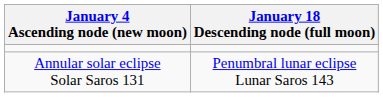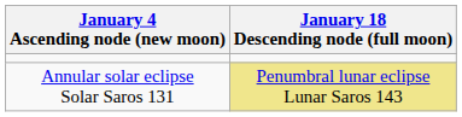 <table class="wikitable">
 <tr>
 <th><a href='#'>January 4</a><br>Ascending node (new moon)<br></th>
 <th><a href='#'>January 18</a><br>Descending node (full moon)<br></th>
 </tr>
 <tr>
 <td></td>
 <td></td>
 </tr>
 <tr align=center>
 <td><a href='#'>Annular solar eclipse</a><br>Solar Saros 131</td>
-<td><a href='#'>Penumbral lunar eclipse</a><br>Lunar Saros 143</td>
+<td style="background: khaki;"><a href='#'>Penumbral lunar eclipse</a><br>Lunar Saros 143</td>
 </tr>
 </table>
